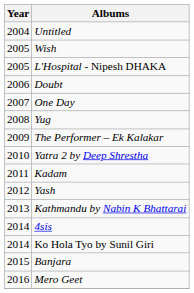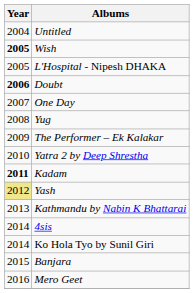 <table class="wikitable sortable">
 <tr>
 <th>Year</th>
 <th>Albums</th>
 </tr>
 <tr>
 <td>2004</td>
 <td><em>Untitled</em></td>
 </tr>
 <tr>
-<td>2005</td>
+<td><strong>2005</strong></td>
 <td><em>Wish</em></td>
 </tr>
 <tr>
 <td>2005</td>
 <td><em>L'Hospital</em> - Nipesh DHAKA</td>
 </tr>
 <tr>
-<td>2006</td>
+<td><strong>2006</strong></td>
 <td><em>Doubt</em></td>
 </tr>
 <tr>
 <td>2007</td>
 <td><em>One Day</em></td>
 </tr>
 <tr>
 <td>2008</td>
 <td><em>Yug</em></td>
 </tr>
 <tr>
 <td>2009</td>
 <td><em>The Performer – Ek Kalakar</em></td>
 </tr>
 <tr>
 <td>2010</td>
 <td><em>Yatra 2 by <a href='#'>Deep Shrestha</a></em></td>
 </tr>
 <tr>
-<td>2011</td>
+<td><strong>2011</strong></td>
 <td><em>Kadam</em></td>
 </tr>
 <tr>
-<td>2012</td>
+<td style="background: khaki;">2012</td>
 <td><em>Yash</em></td>
 </tr>
 <tr>
 <td>2013</td>
 <td><em>Kathmandu by <a href='#'>Nabin K Bhattarai</a></em></td>
 </tr>
 <tr>
 <td>2014</td>
 <td><em><a href='#'>4sis</a></em></td>
 </tr>
 <tr>
 <td>2014</td>
 <td>Ko Hola Tyo by Sunil Giri</td>
 </tr>
 <tr>
 <td>2015</td>
 <td><em>Banjara</em></td>
 </tr>
 <tr>
 <td>2016</td>
 <td><em>Mero Geet</em></td>
 </tr>
 <tr>
 </tr>
 </table>
